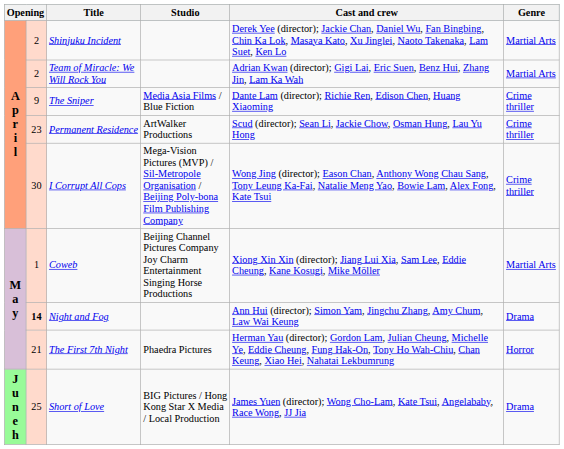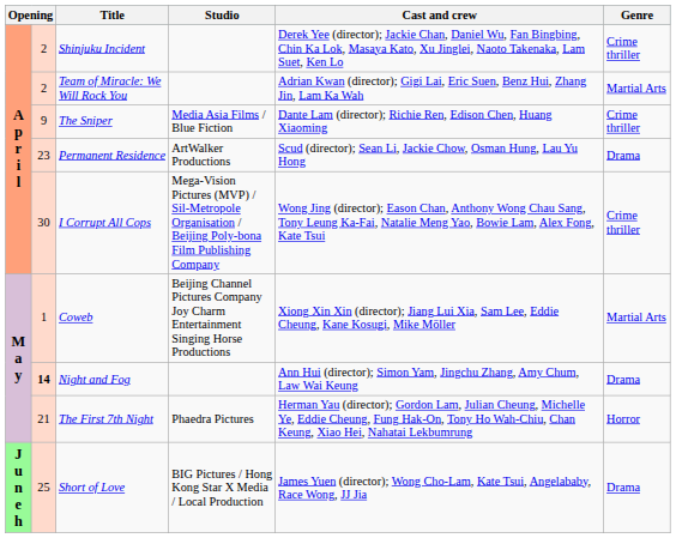 <table class="wikitable sortable">
 <tr style="background:#b0e0e6; text-align:center;">
 <th colspan="2">Opening</th>
 <th style="width:17%;">Title</th>
 <th style="width:16%;">Studio</th>
 <th>Cast and crew</th>
 <th style="width:10%;">Genre</th>
 </tr>
 <tr>
 <th rowspan="5" style="text-align:center; background:#ffa07a; textcolor:#000;"><big>A<br>p<br>r<br>i<br>l</big></th>
 <td style="text-align:center; background:#ffdacc; textcolor:#000;">2</td>
 <td><em><a href='#'>Shinjuku Incident</a></em></td>
 <td></td>
 <td><a href='#'>Derek Yee</a> (director); <a href='#'>Jackie Chan</a>, <a href='#'>Daniel Wu</a>, <a href='#'>Fan Bingbing</a>, <a href='#'>Chin Ka Lok</a>, <a href='#'>Masaya Kato</a>, <a href='#'>Xu Jinglei</a>, <a href='#'>Naoto Takenaka</a>, <a href='#'>Lam Suet</a>, <a href='#'>Ken Lo</a></td>
-<td><a href='#'>Martial Arts</a></td>
+<td><a href='#'>Crime thriller</a></td>
 </tr>
 <tr>
 <td style="text-align:center; background:#ffdacc; textcolor:#000;">2</td>
 <td><em><a href='#'>Team of Miracle: We Will Rock You</a></em></td>
 <td></td>
 <td><a href='#'>Adrian Kwan</a> (director); <a href='#'>Gigi Lai</a>, <a href='#'>Eric Suen</a>, <a href='#'>Benz Hui</a>, <a href='#'>Zhang Jin</a>, <a href='#'>Lam Ka Wah</a></td>
 <td><a href='#'>Martial Arts</a></td>
 </tr>
 <tr>
 <td style="text-align:center; background:#ffdacc; textcolor:#000;">9</td>
 <td><em><a href='#'>The Sniper</a></em></td>
 <td><a href='#'>Media Asia Films</a> / Blue Fiction</td>
 <td><a href='#'>Dante Lam</a> (director); <a href='#'>Richie Ren</a>, <a href='#'>Edison Chen</a>, <a href='#'>Huang Xiaoming</a></td>
 <td><a href='#'>Crime thriller</a></td>
 </tr>
 <tr>
 <td style="text-align:center; background:#ffdacc; textcolor:#000;">23</td>
 <td><em><a href='#'>Permanent Residence</a></em></td>
 <td>ArtWalker Productions</td>
 <td><a href='#'>Scud</a> (director); <a href='#'>Sean Li</a>, <a href='#'>Jackie Chow</a>, <a href='#'>Osman Hung</a>, <a href='#'>Lau Yu Hong</a></td>
-<td><a href='#'>Crime thriller</a></td>
+<td><a href='#'>Drama</a></td>
 </tr>
 <tr>
 <td style="text-align:center; background:#ffdacc; textcolor:#000;">30</td>
 <td><em><a href='#'>I Corrupt All Cops</a></em></td>
 <td>Mega-Vision Pictures (MVP) / <a href='#'>Sil-Metropole Organisation</a> / <a href='#'>Beijing Poly-bona Film Publishing Company</a></td>
 <td><a href='#'>Wong Jing</a> (director); <a href='#'>Eason Chan</a>, <a href='#'>Anthony Wong Chau Sang</a>, <a href='#'>Tony Leung Ka-Fai</a>, <a href='#'>Natalie Meng Yao</a>, <a href='#'>Bowie Lam</a>, <a href='#'>Alex Fong</a>, <a href='#'>Kate Tsui</a></td>
 <td><a href='#'>Crime thriller</a></td>
 </tr>
 <tr>
 <th rowspan="3" style="text-align:center; background:thistle; textcolor:#000;"><big> M <br>a<br>y</big></th>
 <td style="text-align:center; background:#ffdacc; textcolor:#000;">1</td>
 <td><em><a href='#'>Coweb</a></em></td>
 <td>Beijing Channel Pictures Company <br> Joy Charm Entertainment <br> Singing Horse Productions</td>
 <td><a href='#'>Xiong Xin Xin</a> (director); <a href='#'>Jiang Lui Xia</a>, <a href='#'>Sam Lee</a>, <a href='#'>Eddie Cheung</a>, <a href='#'>Kane Kosugi</a>, <a href='#'>Mike Möller</a></td>
 <td><a href='#'>Martial Arts</a></td>
 </tr>
 <tr>
 <td style="text-align:center; background:#ffdacc; textcolor:#000;"><strong>14</strong></td>
 <td><em><a href='#'>Night and Fog</a></em></td>
 <td></td>
 <td><a href='#'>Ann Hui</a> (director); <a href='#'>Simon Yam</a>, <a href='#'>Jingchu Zhang</a>, <a href='#'>Amy Chum</a>, <a href='#'>Law Wai Keung</a></td>
 <td><a href='#'>Drama</a></td>
 </tr>
 <tr>
 <td style="text-align:center; background:#ffdacc; textcolor:#000;">21</td>
 <td><em><a href='#'>The First 7th Night</a></em></td>
 <td>Phaedra Pictures</td>
 <td><a href='#'>Herman Yau</a> (director);  <a href='#'>Gordon Lam</a>, <a href='#'>Julian Cheung</a>, <a href='#'>Michelle Ye</a>, <a href='#'>Eddie Cheung</a>, <a href='#'>Fung Hak-On</a>, <a href='#'>Tony Ho Wah-Chiu</a>, <a href='#'>Chan Keung</a>, <a href='#'>Xiao Hei</a>, <a href='#'>Nahatai Lekbumrung</a></td>
 <td><a href='#'>Horror</a></td>
 </tr>
 <tr>
 <th rowspan="1" style="text-align:center; background:#98fb98; textcolor:#000;"><big>J<br>u<br>n<br>e<br>h</big></th>
 <td style="text-align:center; background:#ffdacc; textcolor:#000;">25</td>
 <td><em><a href='#'>Short of Love</a></em></td>
 <td>BIG Pictures / Hong Kong Star X Media / Local Production</td>
 <td><a href='#'>James Yuen</a> (director); <a href='#'>Wong Cho-Lam</a>, <a href='#'>Kate Tsui</a>, <a href='#'>Angelababy</a>, <a href='#'>Race Wong</a>, <a href='#'>JJ Jia</a></td>
 <td><a href='#'>Drama</a></td>
 </tr>
 </table>
